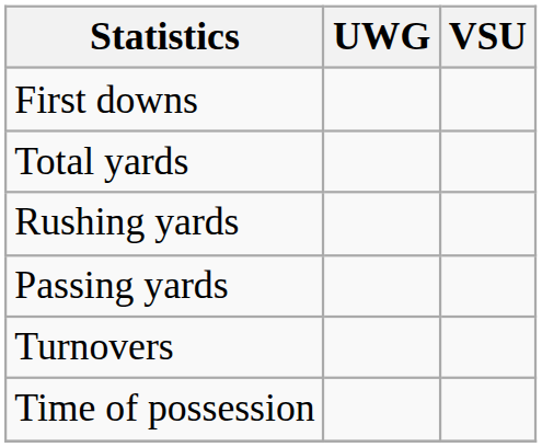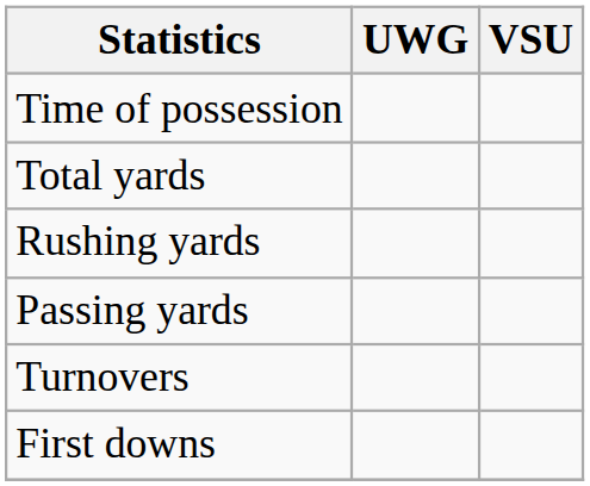 <table class="wikitable" style="float: left;">
 <tr>
 <th>Statistics</th>
 <th>UWG</th>
 <th>VSU</th>
 </tr>
 <tr>
-<td>First downs</td>
+<td>Time of possession</td>
 <td></td>
 <td></td>
 </tr>
 <tr>
 <td>Total yards</td>
 <td></td>
 <td></td>
 </tr>
 <tr>
 <td>Rushing yards</td>
 <td></td>
 <td></td>
 </tr>
 <tr>
 <td>Passing yards</td>
 <td></td>
 <td></td>
 </tr>
 <tr>
 <td>Turnovers</td>
 <td></td>
 <td></td>
 </tr>
 <tr>
-<td>Time of possession</td>
+<td>First downs</td>
 <td></td>
 <td></td>
 </tr>
 <tr>
 </tr>
 </table>
